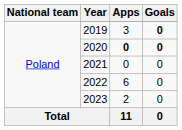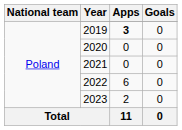 <table class=wikitable style=text-align:center>
 <tr>
 <th>National team</th>
 <th>Year</th>
 <th>Apps</th>
 <th>Goals</th>
 </tr>
 <tr>
 <td rowspan="6"><a href='#'>Poland</a></td>
 </tr>
 <tr>
 <td>2019</td>
-<td>3</td>
-<td><strong>0</strong></td>
+<td><strong>3</strong></td>
+<td>0</td>
 </tr>
 <tr>
 <td>2020</td>
-<td><strong>0</strong></td>
-<td><strong>0</strong></td>
+<td>0</td>
+<td>0</td>
 </tr>
 <tr>
 <td>2021</td>
 <td>0</td>
 <td>0</td>
 </tr>
 <tr>
 <td>2022</td>
 <td>6</td>
 <td>0</td>
 </tr>
 <tr>
 <td>2023</td>
 <td>2</td>
 <td>0</td>
 </tr>
 <tr>
 <th colspan="2">Total</th>
 <th>11</th>
 <th>0</th>
 </tr>
 </table>
